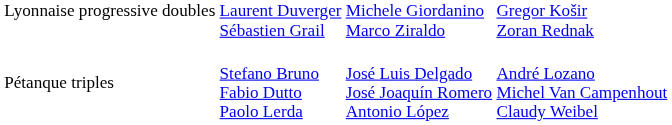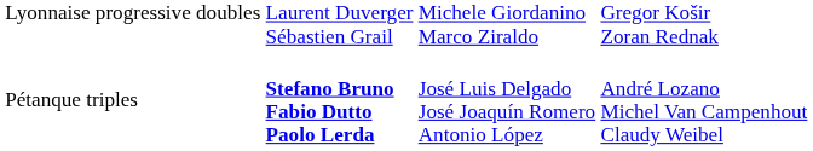 <table>
 <tr>
 <td>Lyonnaise progressive doubles<br></td>
 <td><br><a href='#'>Laurent Duverger</a><br><a href='#'>Sébastien Grail</a></td>
 <td><br><a href='#'>Michele Giordanino</a><br><a href='#'>Marco Ziraldo</a></td>
 <td><br><a href='#'>Gregor Košir</a><br><a href='#'>Zoran Rednak</a></td>
 </tr>
 <tr>
 <td>Pétanque triples<br></td>
-<td><br><a href='#'>Stefano Bruno</a><br><a href='#'>Fabio Dutto</a><br><a href='#'>Paolo Lerda</a></td>
+<td><strong><br><a href='#'>Stefano Bruno</a><br><a href='#'>Fabio Dutto</a><br><a href='#'>Paolo Lerda</a></strong></td>
 <td><br><a href='#'>José Luis Delgado</a><br><a href='#'>José Joaquín Romero</a><br><a href='#'>Antonio López</a></td>
 <td><br><a href='#'>André Lozano</a><br><a href='#'>Michel Van Campenhout</a><br><a href='#'>Claudy Weibel</a></td>
 </tr>
 </table>
